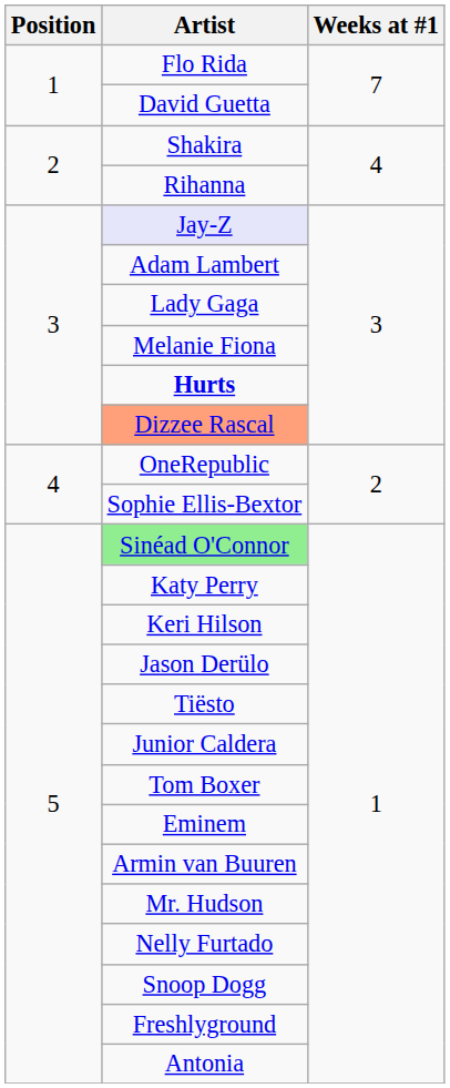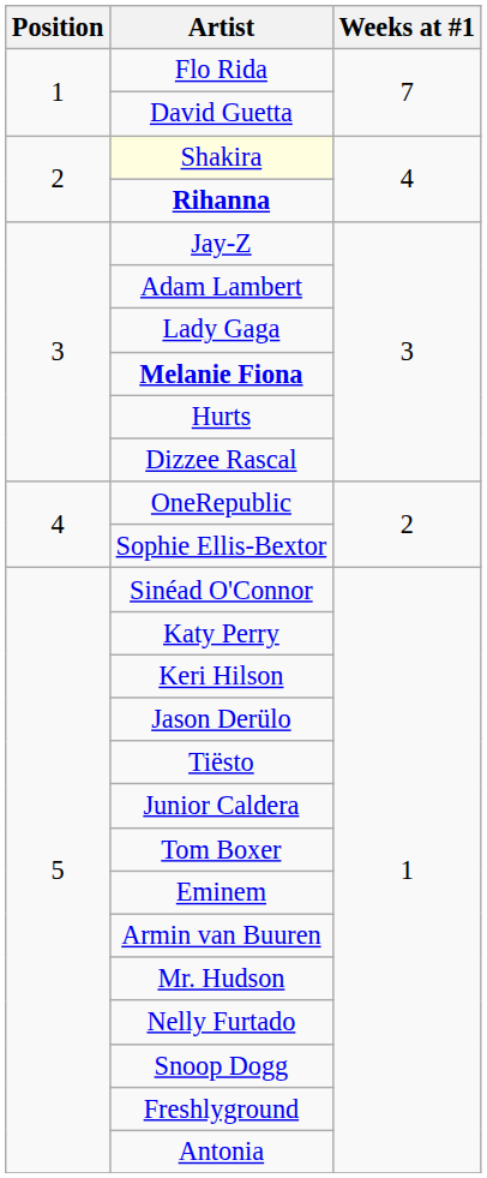 <table class="wikitable" style="font-size:97%;">
 <tr>
 <th>Position</th>
 <th>Artist</th>
 <th>Weeks at #1</th>
 </tr>
 <tr>
 <td align="center" rowspan=2>1</td>
 <td align="center"><a href='#'>Flo Rida</a></td>
 <td align="center" rowspan=2>7</td>
 </tr>
 <tr>
 <td align="center"><a href='#'>David Guetta</a></td>
 </tr>
 <tr>
 <td align="center" rowspan=2>2</td>
-<td align="center"><a href='#'>Shakira</a></td>
+<td align="center" style="background: lightyellow;"><a href='#'>Shakira</a></td>
 <td align="center" rowspan=2>4</td>
 </tr>
 <tr>
-<td align="center"><a href='#'>Rihanna</a></td>
+<td align="center"><strong><a href='#'>Rihanna</a></strong></td>
 </tr>
 <tr>
 <td align="center" rowspan=6>3</td>
-<td align="center" style="background: lavender;"><a href='#'>Jay-Z</a></td>
+<td align="center"><a href='#'>Jay-Z</a></td>
 <td align="center" rowspan=6>3</td>
 </tr>
 <tr>
 <td align="center"><a href='#'>Adam Lambert</a></td>
 </tr>
 <tr>
 <td align="center"><a href='#'>Lady Gaga</a></td>
 </tr>
 <tr>
-<td align="center"><a href='#'>Melanie Fiona</a></td>
+<td align="center"><strong><a href='#'>Melanie Fiona</a></strong></td>
 </tr>
 <tr>
-<td align="center"><strong><a href='#'>Hurts</a></strong></td>
+<td align="center"><a href='#'>Hurts</a></td>
 </tr>
 <tr>
-<td align="center" style="background: lightsalmon;"><a href='#'>Dizzee Rascal</a></td>
+<td align="center"><a href='#'>Dizzee Rascal</a></td>
 </tr>
 <tr>
 <td align="center" rowspan=2>4</td>
 <td align="center"><a href='#'>OneRepublic</a></td>
 <td align="center" rowspan=2>2</td>
 </tr>
 <tr>
 <td align="center"><a href='#'>Sophie Ellis-Bextor</a></td>
 </tr>
 <tr>
 <td align="center" rowspan=14>5</td>
-<td align="center" style="background: lightgreen;"><a href='#'>Sinéad O'Connor</a></td>
+<td align="center"><a href='#'>Sinéad O'Connor</a></td>
 <td align="center" rowspan=14>1</td>
 </tr>
 <tr>
 <td align="center"><a href='#'>Katy Perry</a></td>
 </tr>
 <tr>
 <td align="center"><a href='#'>Keri Hilson</a></td>
 </tr>
 <tr>
 <td align="center"><a href='#'>Jason Derülo</a></td>
 </tr>
 <tr>
 <td align="center"><a href='#'>Tiësto</a></td>
 </tr>
 <tr>
 <td align="center"><a href='#'>Junior Caldera</a></td>
 </tr>
 <tr>
 <td align="center"><a href='#'>Tom Boxer</a></td>
 </tr>
 <tr>
 <td align="center"><a href='#'>Eminem</a></td>
 </tr>
 <tr>
 <td align="center"><a href='#'>Armin van Buuren</a></td>
 </tr>
 <tr>
 <td align="center"><a href='#'>Mr. Hudson</a></td>
 </tr>
 <tr>
 <td align="center"><a href='#'>Nelly Furtado</a></td>
 </tr>
 <tr>
 <td align="center"><a href='#'>Snoop Dogg</a></td>
 </tr>
 <tr>
 <td align="center"><a href='#'>Freshlyground</a></td>
 </tr>
 <tr>
 <td align="center"><a href='#'>Antonia</a></td>
 </tr>
 <tr>
 </tr>
 </table>
